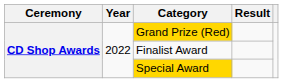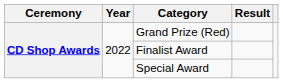 <table class="wikitable plainrowheaders">
 <tr>
 <th scope="col">Ceremony</th>
 <th scope="col">Year</th>
 <th scope="col">Category</th>
 <th scope="col">Result</th>
 <th scope="col" class="unsortable"></th>
 </tr>
 <tr>
 <th scope="row" rowspan="3"><a href='#'>CD Shop Awards</a></th>
 <td style="text-align:center" rowspan="3">2022</td>
-<td style="background: gold;">Grand Prize (Red)</td>
+<td>Grand Prize (Red)</td>
 <td></td>
 <td style="text-align:center" rowspan="3"></td>
 </tr>
 <tr>
 <td>Finalist Award</td>
 <td></td>
 </tr>
 <tr>
-<td style="background: gold;">Special Award</td>
+<td>Special Award</td>
 <td></td>
 </tr>
 </table>
